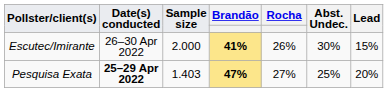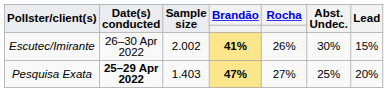 <table class="wikitable sortable" style="text-align:center;font-size:90%;line-height:14px;">
 <tr>
 <td rowspan="2" class="unsortable" style="width:50px;background:#eaecf0;"><strong>Pollster/client(s)</strong></td>
 <td rowspan="2" class="unsortable" style="width:50px;background:#eaecf0;"><strong>Date(s) <br>conducted</strong></td>
 <td rowspan="2" class="unsortable" style="width:50px;background:#eaecf0;"><strong>Sample <br>size</strong></td>
 <th class="unsortable" style="width:50px;"><a href='#'>Brandão</a><br></th>
 <th class="unsortable" style="width:50px;"><a href='#'>Rocha</a><br></th>
 <th rowspan="2">Abst.<br>Undec.</th>
 <th rowspan="2" class="unsortable">Lead</th>
 </tr>
 <tr>
 <th style="background:"></th>
 <th style="background:"></th>
 </tr>
 <tr>
 <td><em>Escutec/Imirante</em></td>
 <td>26–30 Apr 2022</td>
-<td>2.000</td>
+<td>2.002</td>
 <td style="background:#fce68b;"><strong>41%</strong></td>
 <td>26%</td>
 <td>30%</td>
 <td style="background:">15%</td>
 </tr>
 <tr>
 <td><em>Pesquisa Exata</em></td>
 <td><strong>25–29 Apr 2022</strong></td>
 <td>1.403</td>
 <td style="background:#fce68b;"><strong>47%</strong></td>
 <td>27%</td>
 <td>25%</td>
 <td style="background:">20%</td>
 </tr>
 </table>
